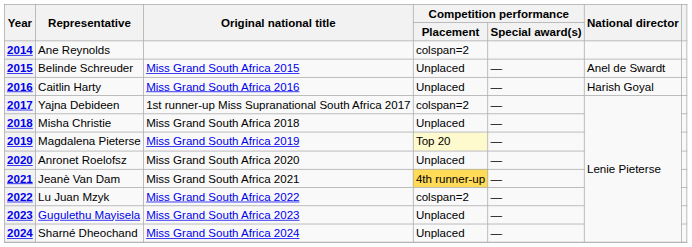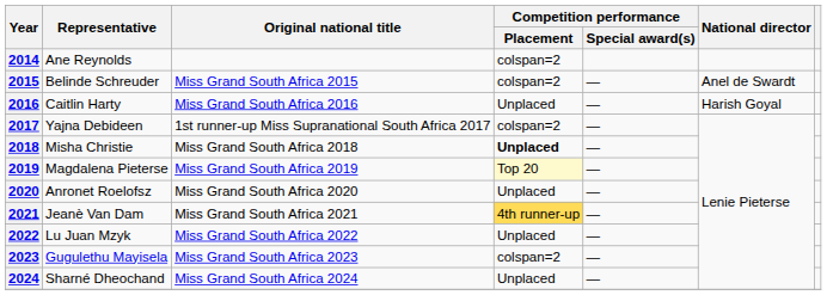 <table class="wikitable defaultcenter col2left" style="font-size:95%;">
 <tr>
 <th rowspan=2>Year</th>
 <th rowspan=2>Representative</th>
 <th rowspan=2>Original national title</th>
 <th colspan=2>Competition performance</th>
 <th rowspan=2>National director</th>
 <th rowspan=2></th>
 </tr>
 <tr>
 <th>Placement</th>
 <th>Special award(s)</th>
 </tr>
 <tr>
 <th><a href='#'>2014</a></th>
 <td>Ane Reynolds</td>
 <td></td>
 <td>colspan=2 </td>
 <td></td>
 <td></td>
 </tr>
 <tr>
 <th><a href='#'>2015</a></th>
 <td>Belinde Schreuder</td>
 <td><a href='#'>Miss Grand South Africa 2015</a></td>
-<td>Unplaced</td>
+<td>colspan=2 </td>
 <td>—</td>
 <td>Anel de Swardt</td>
 <td></td>
 </tr>
 <tr>
 <th><a href='#'>2016</a></th>
 <td>Caitlin Harty</td>
 <td><a href='#'>Miss Grand South Africa 2016</a></td>
 <td>Unplaced</td>
 <td>—</td>
 <td>Harish Goyal</td>
 <td></td>
 </tr>
 <tr>
 <th><a href='#'>2017</a></th>
 <td>Yajna Debideen</td>
 <td>1st runner-up Miss Supranational South Africa 2017</td>
 <td>colspan=2 </td>
 <td>—</td>
 <td rowspan=8>Lenie Pieterse</td>
 <td></td>
 </tr>
 <tr>
 <th><a href='#'>2018</a></th>
 <td>Misha Christie</td>
 <td>Miss Grand South Africa 2018</td>
-<td>Unplaced</td>
+<td><strong>Unplaced</strong></td>
 <td>—</td>
 <td></td>
 </tr>
 <tr>
 <th><a href='#'>2019</a></th>
 <td>Magdalena Pieterse</td>
 <td><a href='#'>Miss Grand South Africa 2019</a></td>
 <td bgcolor=#FFFACD>Top 20</td>
 <td>—</td>
 <td></td>
 </tr>
 <tr>
 <th><a href='#'>2020</a></th>
 <td>Anronet Roelofsz</td>
 <td>Miss Grand South Africa 2020</td>
 <td>Unplaced</td>
 <td>—</td>
 <td></td>
 </tr>
 <tr>
 <th><a href='#'>2021</a></th>
 <td>Jeanè Van Dam</td>
 <td>Miss Grand South Africa 2021</td>
 <td bgcolor=#FFDB58>4th runner-up</td>
 <td>—</td>
 <td></td>
 </tr>
 <tr>
 <th><a href='#'>2022</a></th>
 <td>Lu Juan Mzyk</td>
 <td><a href='#'>Miss Grand South Africa 2022</a></td>
-<td>colspan=2 </td>
+<td>Unplaced</td>
 <td>—</td>
 <td></td>
 </tr>
 <tr>
 <th><a href='#'>2023</a></th>
 <td><a href='#'>Gugulethu Mayisela</a></td>
 <td><a href='#'>Miss Grand South Africa 2023</a></td>
-<td>Unplaced</td>
+<td>colspan=2 </td>
 <td>—</td>
 <td></td>
 </tr>
 <tr>
 <th><a href='#'>2024</a></th>
 <td>Sharné Dheochand</td>
 <td><a href='#'>Miss Grand South Africa 2024</a></td>
 <td>Unplaced</td>
 <td>—</td>
 <td></td>
 </tr>
 <tr>
 </tr>
 </table>
